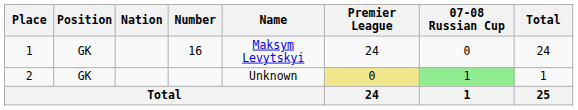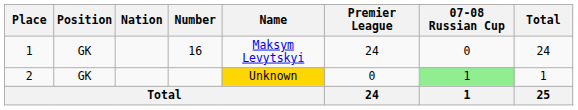 <table class="wikitable" style="font-size: 95%; text-align: center;">
 <tr>
 <th width=60>Place</th>
 <th width=60>Position</th>
 <th width=60>Nation</th>
 <th width=60>Number</th>
 <th width=150>Name</th>
 <th width=150>Premier League</th>
 <th width=150>07-08 Russian Cup</th>
 <th width=80>Total</th>
 </tr>
 <tr>
 <td>1</td>
 <td>GK</td>
 <td></td>
 <td>16</td>
 <td><a href='#'>Maksym Levytskyi</a></td>
 <td>24</td>
 <td>0</td>
 <td>24</td>
 </tr>
 <tr>
 <td>2</td>
 <td>GK</td>
 <td></td>
 <td></td>
-<td>Unknown</td>
-<td style="background: khaki;">0</td>
+<td style="background: gold;">Unknown</td>
+<td>0</td>
 <td style="background: lightgreen;">1</td>
 <td>1</td>
 </tr>
 <tr>
 <th colspan=5>Total</th>
 <th>24</th>
 <th>1</th>
 <th>25</th>
 </tr>
 </table>
